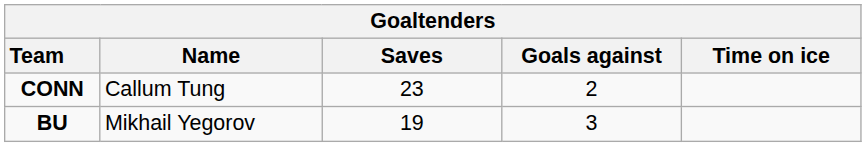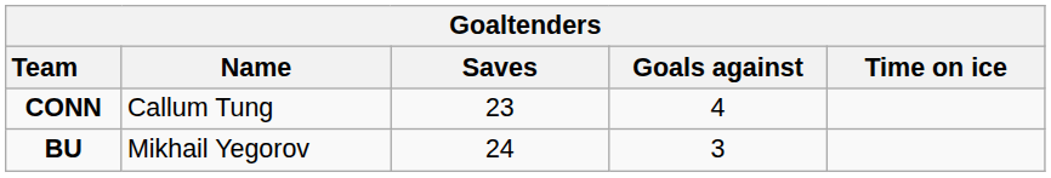 <table class="wikitable" style="width:40em; text-align:right;">
 <tr>
 <th colspan=5>Goaltenders</th>
 </tr>
 <tr>
 <th style="width:4em; text-align:left;">Team</th>
 <th style="width:10em;">Name</th>
 <th style="width:8em;">Saves</th>
 <th style="width:8em;">Goals against</th>
 <th style="width:8em;">Time on ice</th>
 </tr>
 <tr>
 <td align=center><strong>CONN</strong></td>
 <td style="text-align:left;">Callum Tung</td>
 <td align=center>23</td>
-<td align=center>2</td>
+<td align=center>4</td>
 <td align=center></td>
 </tr>
 <tr>
 <td align=center><strong>BU</strong></td>
 <td style="text-align:left;">Mikhail Yegorov</td>
-<td align=center>19</td>
+<td align=center>24</td>
 <td align=center>3</td>
 <td align=center></td>
 </tr>
 </table>
